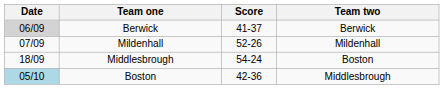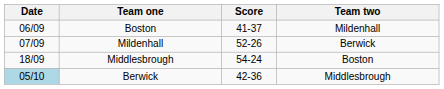 <table class="wikitable" style="text-align: center">
 <tr>
 <th width=80>Date</th>
 <th width=250>Team one</th>
 <th width=80>Score</th>
 <th width=250>Team two</th>
 </tr>
 <tr>
-<td style="background: lightgrey;">06/09</td>
-<td>Berwick</td>
+<td>06/09</td>
+<td>Boston</td>
 <td>41-37</td>
-<td>Berwick</td>
+<td>Mildenhall</td>
 </tr>
 <tr>
 <td>07/09</td>
 <td>Mildenhall</td>
 <td>52-26</td>
-<td>Mildenhall</td>
+<td>Berwick</td>
 </tr>
 <tr>
 <td>18/09</td>
 <td>Middlesbrough</td>
 <td>54-24</td>
 <td>Boston</td>
 </tr>
 <tr>
 <td style="background: lightblue;">05/10</td>
-<td>Boston</td>
+<td>Berwick</td>
 <td>42-36</td>
 <td>Middlesbrough</td>
 </tr>
 </table>
